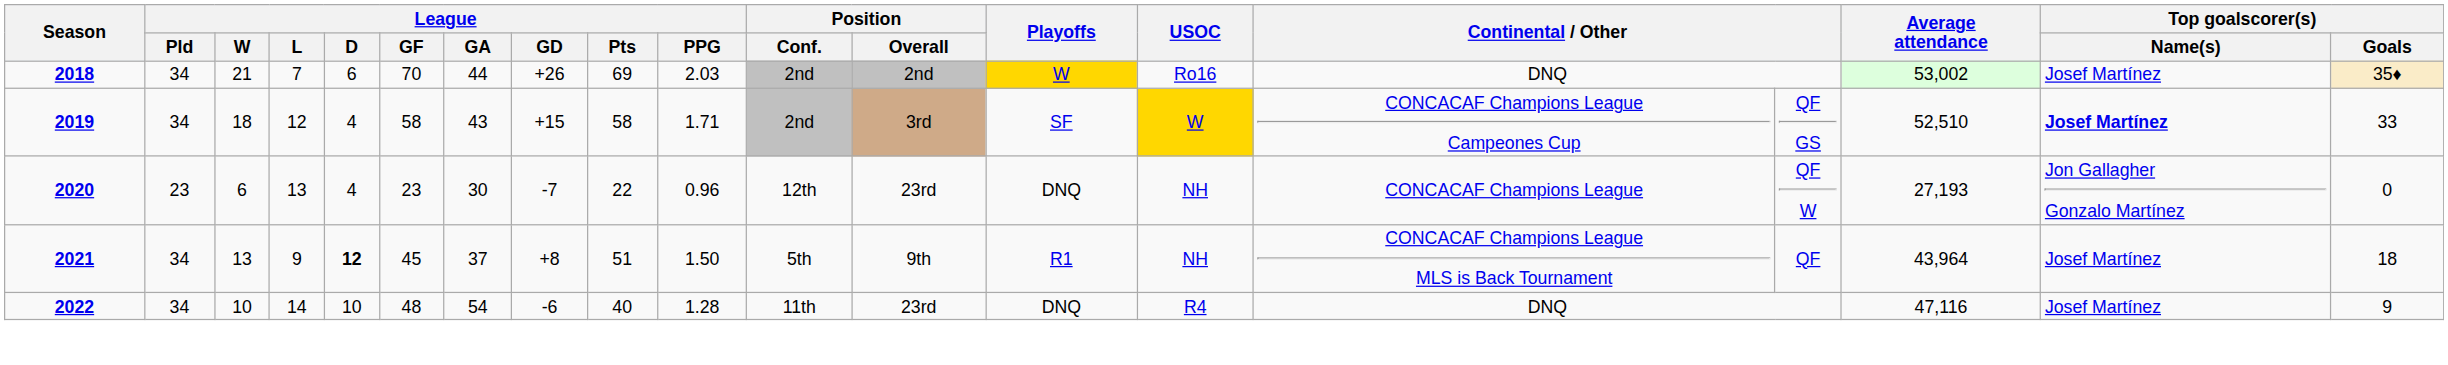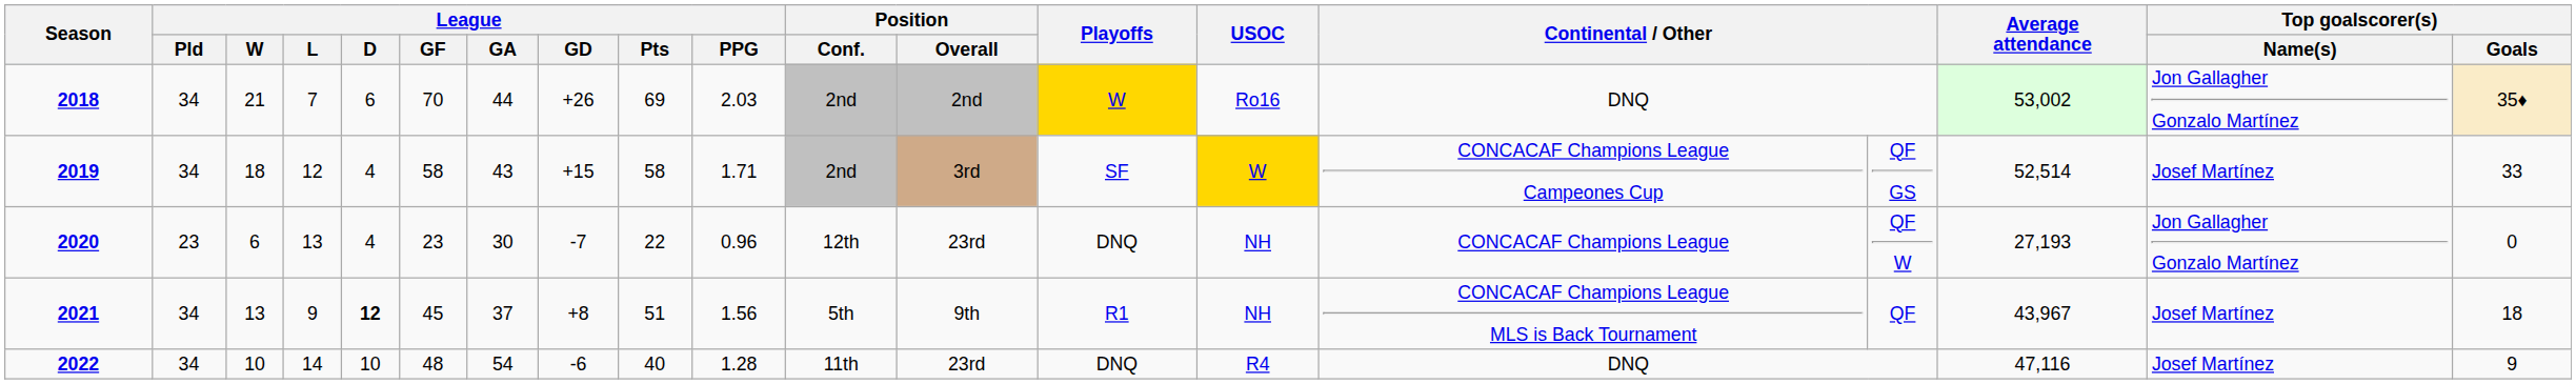 <table class="wikitable" width=100% style="font-size:90%; text-align:center">
 <tr style="background:#f0f6ff;">
 <th rowspan="2">Season</th>
 <th colspan="9"><a href='#'>League</a></th>
 <th colspan="2">Position</th>
 <th rowspan="2"><a href='#'>Playoffs</a></th>
 <th rowspan="2"><a href='#'>USOC</a></th>
 <th rowspan="2" colspan="2"><a href='#'>Continental</a> / Other</th>
 <th rowspan="2"><a href='#'>Average <br> attendance</a></th>
 <th colspan="2">Top goalscorer(s)</th>
 </tr>
 <tr>
 <th>Pld</th>
 <th>W</th>
 <th>L</th>
 <th>D</th>
 <th>GF</th>
 <th>GA</th>
 <th>GD</th>
 <th>Pts</th>
 <th>PPG</th>
 <th>Conf.</th>
 <th>Overall</th>
 <th>Name(s)</th>
 <th>Goals</th>
 </tr>
 <tr>
 <td><strong><a href='#'>2018</a></strong></td>
 <td>34</td>
 <td>21</td>
 <td>7</td>
 <td>6</td>
 <td>70</td>
 <td>44</td>
 <td>+26</td>
 <td>69</td>
 <td>2.03</td>
 <td bgcolor="silver">2nd</td>
 <td bgcolor="silver">2nd</td>
 <td bgcolor="gold"><a href='#'>W</a></td>
 <td><a href='#'>Ro16</a></td>
 <td colspan="2">DNQ</td>
 <td style="background:#dfd;">53,002</td>
-<td align="left"> <a href='#'>Josef Martínez</a></td>
+<td align="left"> <a href='#'>Jon Gallagher</a><hr> <a href='#'>Gonzalo Martínez</a></td>
 <td style="background:#FAECC8;">35♦</td>
 </tr>
 <tr>
 <td><strong><a href='#'>2019</a></strong></td>
 <td>34</td>
 <td>18</td>
 <td>12</td>
 <td>4</td>
 <td>58</td>
 <td>43</td>
 <td>+15</td>
 <td>58</td>
 <td>1.71</td>
 <td bgcolor=silver>2nd</td>
 <td bgcolor=CFAA88>3rd</td>
 <td><a href='#'>SF</a></td>
 <td bgcolor=gold><a href='#'>W</a></td>
 <td><a href='#'>CONCACAF Champions League</a><hr><a href='#'>Campeones Cup</a></td>
 <td><a href='#'>QF</a><hr><a href='#'>GS</a></td>
-<td>52,510</td>
-<td align="left"><strong> <a href='#'>Josef Martínez</a></strong></td>
+<td>52,514</td>
+<td align="left"> <a href='#'>Josef Martínez</a></td>
 <td>33</td>
 </tr>
 <tr>
 <td><strong><a href='#'>2020</a></strong></td>
 <td>23</td>
 <td>6</td>
 <td>13</td>
 <td>4</td>
 <td>23</td>
 <td>30</td>
 <td>-7</td>
 <td>22</td>
 <td>0.96</td>
 <td>12th</td>
 <td>23rd</td>
 <td>DNQ</td>
 <td><a href='#'>NH</a></td>
 <td><a href='#'>CONCACAF Champions League</a></td>
 <td><a href='#'>QF</a><hr><div><a href='#'>W</a></div></td>
 <td>27,193</td>
 <td align="left"> <a href='#'>Jon Gallagher</a><hr> <a href='#'>Gonzalo Martínez</a></td>
 <td>0</td>
 </tr>
 <tr>
 <td><strong><a href='#'>2021</a></strong></td>
 <td>34</td>
 <td>13</td>
 <td>9</td>
 <td><strong>12</strong></td>
 <td>45</td>
 <td>37</td>
 <td>+8</td>
 <td>51</td>
-<td>1.50</td>
+<td>1.56</td>
 <td>5th</td>
 <td>9th</td>
 <td><a href='#'>R1</a></td>
 <td><a href='#'>NH</a></td>
 <td><a href='#'>CONCACAF Champions League</a><hr><a href='#'>MLS is Back Tournament</a></td>
 <td><a href='#'>QF</a></td>
-<td>43,964</td>
+<td>43,967</td>
 <td align="left"> <a href='#'>Josef Martínez</a></td>
 <td>18</td>
 </tr>
 <tr>
 <td><strong><a href='#'>2022</a></strong></td>
 <td>34</td>
 <td>10</td>
 <td>14</td>
 <td>10</td>
 <td>48</td>
 <td>54</td>
 <td>-6</td>
 <td>40</td>
 <td>1.28</td>
 <td>11th</td>
 <td>23rd</td>
 <td>DNQ</td>
 <td><a href='#'>R4</a></td>
 <td colspan="2">DNQ</td>
 <td>47,116</td>
 <td align="left"> <a href='#'>Josef Martínez</a></td>
 <td>9</td>
 </tr>
 </table>
